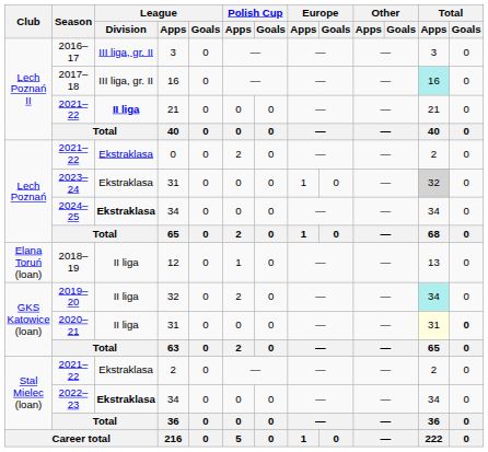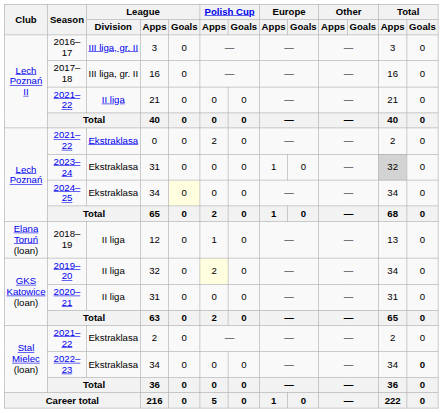 <table class="wikitable" style="text-align: center;">
 <tr>
 <th rowspan="2">Club</th>
 <th rowspan="2">Season</th>
 <th colspan="3">League</th>
 <th colspan="2"><a href='#'>Polish Cup</a></th>
 <th colspan="2">Europe</th>
 <th colspan="2">Other</th>
 <th colspan="2">Total</th>
 </tr>
 <tr>
 <th>Division</th>
 <th>Apps</th>
 <th>Goals</th>
 <th>Apps</th>
 <th>Goals</th>
 <th>Apps</th>
 <th>Goals</th>
 <th>Apps</th>
 <th>Goals</th>
 <th>Apps</th>
 <th>Goals</th>
 </tr>
 <tr>
 <td rowspan="4"><a href='#'>Lech Poznań II</a></td>
 <td>2016–17</td>
 <td><a href='#'>III liga, gr. II</a></td>
 <td>3</td>
 <td>0</td>
 <td colspan="2">—</td>
 <td colspan="2">—</td>
 <td colspan="2">—</td>
 <td>3</td>
 <td>0</td>
 </tr>
 <tr>
 <td>2017–18</td>
 <td>III liga, gr. II</td>
 <td>16</td>
 <td>0</td>
 <td colspan="2">—</td>
 <td colspan="2">—</td>
 <td colspan="2">—</td>
-<td style="background: paleturquoise;">16</td>
+<td>16</td>
 <td>0</td>
 </tr>
 <tr>
 <td><a href='#'>2021–22</a></td>
-<td><strong><a href='#'>II liga</a></strong></td>
+<td><a href='#'>II liga</a></td>
 <td>21</td>
 <td>0</td>
 <td>0</td>
 <td>0</td>
 <td colspan="2">—</td>
 <td colspan="2">—</td>
 <td>21</td>
 <td>0</td>
 </tr>
 <tr>
 <th colspan="2">Total</th>
 <th>40</th>
 <th>0</th>
 <th>0</th>
 <th>0</th>
 <th colspan="2">—</th>
 <th colspan="2">—</th>
 <th>40</th>
 <th>0</th>
 </tr>
 <tr>
 <td rowspan="4"><a href='#'>Lech Poznań</a></td>
 <td><a href='#'>2021–22</a></td>
 <td><a href='#'>Ekstraklasa</a></td>
 <td>0</td>
 <td>0</td>
 <td>2</td>
 <td>0</td>
 <td colspan="2">—</td>
 <td colspan="2">—</td>
 <td>2</td>
 <td>0</td>
 </tr>
 <tr>
 <td><a href='#'>2023–24</a></td>
 <td>Ekstraklasa</td>
 <td>31</td>
 <td>0</td>
 <td>0</td>
 <td>0</td>
 <td>1</td>
 <td>0</td>
 <td colspan="2">—</td>
 <td style="background: lightgrey;">32</td>
 <td>0</td>
 </tr>
 <tr>
 <td><a href='#'>2024–25</a></td>
-<td><strong>Ekstraklasa</strong></td>
+<td>Ekstraklasa</td>
 <td>34</td>
-<td>0</td>
+<td style="background: lightyellow;">0</td>
 <td>0</td>
 <td>0</td>
 <td colspan="2">—</td>
 <td colspan="2">—</td>
 <td>34</td>
 <td>0</td>
 </tr>
 <tr>
 <th colspan="2">Total</th>
 <th>65</th>
 <th>0</th>
 <th>2</th>
 <th>0</th>
 <th>1</th>
 <th>0</th>
 <th colspan="2">—</th>
 <th>68</th>
 <th>0</th>
 </tr>
 <tr>
 <td><a href='#'>Elana Toruń</a> (loan)</td>
 <td>2018–19</td>
 <td>II liga</td>
 <td>12</td>
 <td>0</td>
 <td>1</td>
 <td>0</td>
 <td colspan="2">—</td>
 <td colspan="2">—</td>
 <td>13</td>
 <td>0</td>
 </tr>
 <tr>
 <td rowspan="3"><a href='#'>GKS Katowice</a> (loan)</td>
 <td><a href='#'>2019–20</a></td>
 <td>II liga</td>
 <td>32</td>
 <td>0</td>
-<td>2</td>
+<td style="background: lightyellow;">2</td>
 <td>0</td>
 <td colspan="2">—</td>
 <td colspan="2">—</td>
-<td style="background: paleturquoise;">34</td>
+<td>34</td>
 <td>0</td>
 </tr>
 <tr>
 <td><a href='#'>2020–21</a></td>
 <td>II liga</td>
 <td>31</td>
 <td>0</td>
 <td>0</td>
 <td>0</td>
 <td colspan="2">—</td>
 <td colspan="2">—</td>
-<td style="background: lightyellow;">31</td>
-<td><strong>0</strong></td>
+<td>31</td>
+<td>0</td>
 </tr>
 <tr>
 <th colspan="2">Total</th>
 <th>63</th>
 <th>0</th>
 <th>2</th>
 <th>0</th>
 <th colspan="2">—</th>
 <th colspan="2">—</th>
 <th>65</th>
 <th>0</th>
 </tr>
 <tr>
 <td rowspan="3"><a href='#'>Stal Mielec</a> (loan)</td>
 <td><a href='#'>2021–22</a></td>
 <td>Ekstraklasa</td>
 <td>2</td>
 <td>0</td>
 <td colspan="2">—</td>
 <td colspan="2">—</td>
 <td colspan="2">—</td>
 <td>2</td>
 <td>0</td>
 </tr>
 <tr>
 <td><a href='#'>2022–23</a></td>
-<td><strong>Ekstraklasa</strong></td>
+<td>Ekstraklasa</td>
 <td>34</td>
 <td>0</td>
 <td>0</td>
 <td>0</td>
 <td colspan="2">—</td>
 <td colspan="2">—</td>
 <td>34</td>
-<td>0</td>
+<td><strong>0</strong></td>
 </tr>
 <tr>
 <th colspan="2">Total</th>
 <th>36</th>
 <th>0</th>
 <th>0</th>
 <th>0</th>
 <th colspan="2">—</th>
 <th colspan="2">—</th>
 <th>36</th>
 <th>0</th>
 </tr>
 <tr>
 <th colspan="3">Career total</th>
 <th>216</th>
 <th>0</th>
 <th>5</th>
 <th>0</th>
 <th>1</th>
 <th>0</th>
 <th colspan="2">—</th>
 <th>222</th>
 <th>0</th>
 </tr>
 </table>
